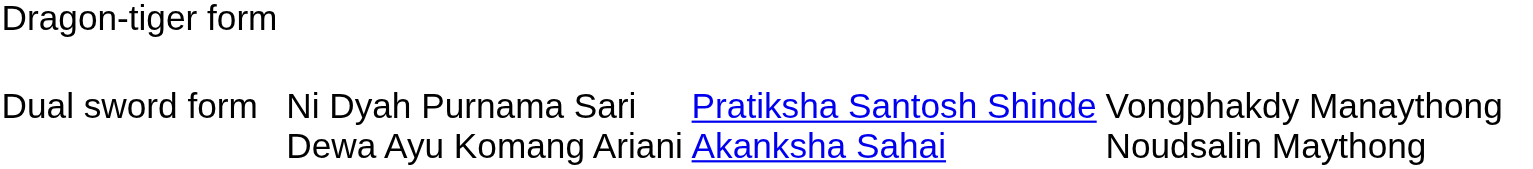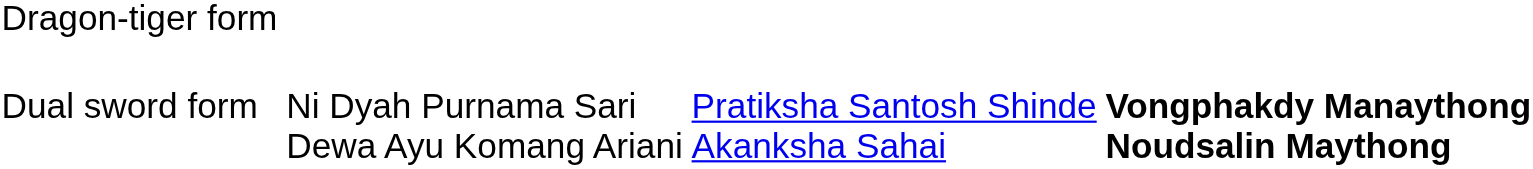 <table>
 <tr>
 <td>Dragon-tiger form</td>
 <td></td>
 <td></td>
 <td></td>
 </tr>
 <tr>
 <td>Dual sword form</td>
 <td><br>Ni Dyah Purnama Sari<br>Dewa Ayu Komang Ariani</td>
 <td><br><a href='#'>Pratiksha Santosh Shinde</a><br><a href='#'>Akanksha Sahai</a></td>
-<td><br>Vongphakdy Manaythong<br>Noudsalin Maythong</td>
+<td><strong><br>Vongphakdy Manaythong<br>Noudsalin Maythong</strong></td>
 </tr>
 </table>
